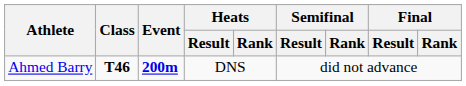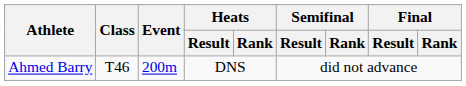 <table class=wikitable style="font-size:90%">
 <tr>
 <th rowspan="2">Athlete</th>
 <th rowspan="2">Class</th>
 <th rowspan="2">Event</th>
 <th colspan="2">Heats</th>
 <th colspan="2">Semifinal</th>
 <th colspan="3">Final</th>
 </tr>
 <tr>
 <th>Result</th>
 <th>Rank</th>
 <th>Result</th>
 <th>Rank</th>
 <th>Result</th>
 <th>Rank</th>
 </tr>
 <tr>
 <td><a href='#'>Ahmed Barry</a></td>
-<td style="text-align:center;"><strong>T46</strong></td>
-<td><strong><a href='#'>200m</a></strong></td>
+<td style="text-align:center;">T46</td>
+<td><a href='#'>200m</a></td>
 <td style="text-align:center;" colspan="2">DNS</td>
 <td style="text-align:center;" colspan="4">did not advance</td>
 </tr>
 </table>
